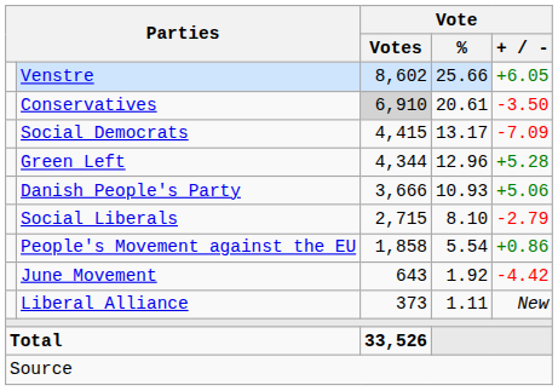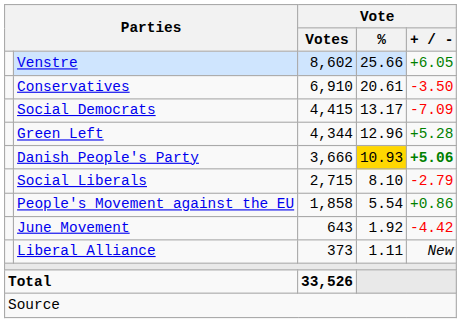 <table class="wikitable" style="text-align:right;">
 <tr>
 <th style="text-align:centre;" rowspan="2" colspan="2" width="225">Parties</th>
 <th colspan="3">Vote</th>
 </tr>
 <tr>
 <th width="15">Votes</th>
 <th width="15">%</th>
 <th width="15">+ / -</th>
 </tr>
 <tr>
 <td width="2" style="color:inherit;background:"></td>
 <td bgcolor=#cfe5fe   align="left"><a href='#'>Venstre</a></td>
 <td bgcolor=#cfe5fe>8,602</td>
 <td bgcolor=#cfe5fe>25.66</td>
 <td style=color:green;>+6.05</td>
 </tr>
 <tr>
 <td width="2" style="color:inherit;background:"></td>
 <td align="left"><a href='#'>Conservatives</a></td>
-<td style="background: lightgrey;">6,910</td>
+<td>6,910</td>
 <td>20.61</td>
 <td style=color:red;>-3.50</td>
 </tr>
 <tr>
 <td width="2" style="color:inherit;background:"></td>
 <td align="left"><a href='#'>Social Democrats</a></td>
 <td>4,415</td>
 <td>13.17</td>
 <td style=color:red;>-7.09</td>
 </tr>
 <tr>
 <td width="2" style="color:inherit;background:"></td>
 <td align="left"><a href='#'>Green Left</a></td>
 <td>4,344</td>
 <td>12.96</td>
 <td style=color:green;>+5.28</td>
 </tr>
 <tr>
 <td width="2" style="color:inherit;background:"></td>
 <td align="left"><a href='#'>Danish People's Party</a></td>
 <td>3,666</td>
-<td>10.93</td>
-<td style=color:green;>+5.06</td>
+<td style="background: gold;">10.93</td>
+<td style=color:green;><strong>+5.06</strong></td>
 </tr>
 <tr>
 <td width="2" style="color:inherit;background:"></td>
 <td align="left"><a href='#'>Social Liberals</a></td>
 <td>2,715</td>
 <td>8.10</td>
 <td style=color:red;>-2.79</td>
 </tr>
 <tr>
 <td width="2" style="color:inherit;background:"></td>
 <td align="left"><a href='#'>People's Movement against the EU</a></td>
 <td>1,858</td>
 <td>5.54</td>
 <td style=color:green;>+0.86</td>
 </tr>
 <tr>
 <td width="2" style="color:inherit;background:"></td>
 <td align="left"><a href='#'>June Movement</a></td>
 <td>643</td>
 <td>1.92</td>
 <td style=color:red;>-4.42</td>
 </tr>
 <tr>
 <td width="2" style="color:inherit;background:"></td>
 <td align="left"><a href='#'>Liberal Alliance</a></td>
 <td>373</td>
 <td>1.11</td>
 <td><em>New</em></td>
 </tr>
 <tr>
 <td colspan="7" bgcolor="#E9E9E9"></td>
 </tr>
 <tr>
 <td align="left" colspan="2"><strong>Total</strong></td>
 <td><strong>33,526</strong></td>
 <td bgcolor="#E9E9E9" colspan="2"></td>
 </tr>
 <tr>
 <td align="left" colspan="6">Source</td>
 </tr>
 </table>
